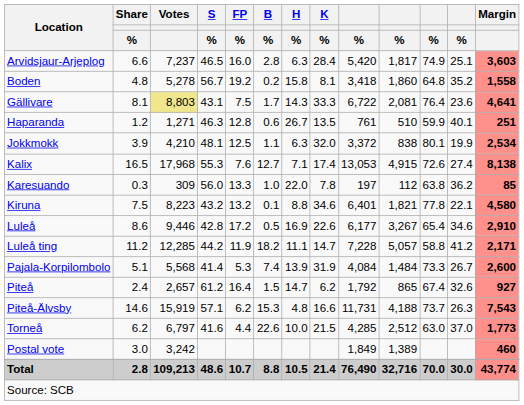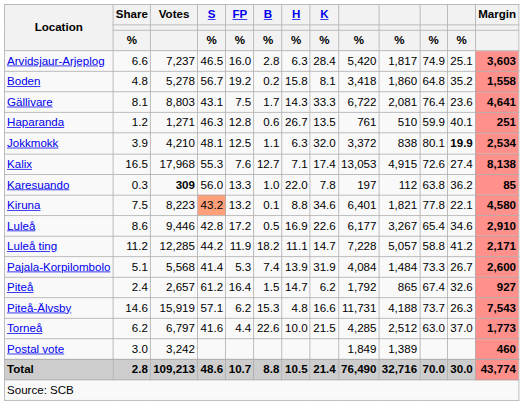 <table class="wikitable sortable" style="text-align:right; font-size:95%; line-height:20px;">
 <tr>
 <th rowspan="3">Location</th>
 <th>Share</th>
 <th>Votes</th>
 <th width="30px" class="unsortable"><a href='#'>S</a></th>
 <th width="30px" class="unsortable"><a href='#'>FP</a></th>
 <th width="30px" class="unsortable"><a href='#'>B</a></th>
 <th width="30px" class="unsortable"><a href='#'>H</a></th>
 <th width="30px" class="unsortable"><a href='#'>K</a></th>
 <th></th>
 <th></th>
 <th></th>
 <th></th>
 <th>Margin</th>
 </tr>
 <tr>
 <th></th>
 <th></th>
 <th style="background:"></th>
 <th style="background:"></th>
 <th style="background:"></th>
 <th style="background:"></th>
 <th style="background:"></th>
 <th style="background:"></th>
 <th style="background:"></th>
 <th style="background:"></th>
 <th style="background:"></th>
 <th></th>
 </tr>
 <tr>
 <th data-sort-type="number">%</th>
 <th></th>
 <th data-sort-type="number">%</th>
 <th data-sort-type="number">%</th>
 <th data-sort-type="number">%</th>
 <th data-sort-type="number">%</th>
 <th data-sort-type="number">%</th>
 <th data-sort-type="number">%</th>
 <th data-sort-type="number">%</th>
 <th data-sort-type="number">%</th>
 <th data-sort-type="number">%</th>
 <th data-sort-type="number"></th>
 </tr>
 <tr>
 <td align=left><a href='#'>Arvidsjaur-Arjeplog</a></td>
 <td>6.6</td>
 <td>7,237</td>
 <td>46.5</td>
 <td>16.0</td>
 <td>2.8</td>
 <td>6.3</td>
 <td>28.4</td>
 <td>5,420</td>
 <td>1,817</td>
 <td>74.9</td>
 <td>25.1</td>
 <td bgcolor=#ff908c><strong>3,603</strong></td>
 </tr>
 <tr>
 <td align=left><a href='#'>Boden</a></td>
 <td>4.8</td>
 <td>5,278</td>
 <td>56.7</td>
 <td>19.2</td>
 <td>0.2</td>
 <td>15.8</td>
 <td>8.1</td>
 <td>3,418</td>
 <td>1,860</td>
 <td>64.8</td>
 <td>35.2</td>
 <td bgcolor=#ff908c><strong>1,558</strong></td>
 </tr>
 <tr>
 <td align=left><a href='#'>Gällivare</a></td>
 <td>8.1</td>
-<td style="background: khaki;">8,803</td>
+<td>8,803</td>
 <td>43.1</td>
 <td>7.5</td>
 <td>1.7</td>
 <td>14.3</td>
 <td>33.3</td>
 <td>6,722</td>
 <td>2,081</td>
 <td>76.4</td>
 <td>23.6</td>
 <td bgcolor=#ff908c><strong>4,641</strong></td>
 </tr>
 <tr>
 <td align=left><a href='#'>Haparanda</a></td>
 <td>1.2</td>
 <td>1,271</td>
 <td>46.3</td>
 <td>12.8</td>
 <td>0.6</td>
 <td>26.7</td>
 <td>13.5</td>
 <td>761</td>
 <td>510</td>
 <td>59.9</td>
 <td>40.1</td>
 <td bgcolor=#ff908c><strong>251</strong></td>
 </tr>
 <tr>
 <td align=left><a href='#'>Jokkmokk</a></td>
 <td>3.9</td>
 <td>4,210</td>
 <td>48.1</td>
 <td>12.5</td>
 <td>1.1</td>
 <td>6.3</td>
 <td>32.0</td>
 <td>3,372</td>
 <td>838</td>
 <td>80.1</td>
-<td>19.9</td>
+<td><strong>19.9</strong></td>
 <td bgcolor=#ff908c><strong>2,534</strong></td>
 </tr>
 <tr>
 <td align=left><a href='#'>Kalix</a></td>
 <td>16.5</td>
 <td>17,968</td>
 <td>55.3</td>
 <td>7.6</td>
 <td>12.7</td>
 <td>7.1</td>
 <td>17.4</td>
 <td>13,053</td>
 <td>4,915</td>
 <td>72.6</td>
 <td>27.4</td>
 <td bgcolor=#ff908c><strong>8,138</strong></td>
 </tr>
 <tr>
 <td align=left><a href='#'>Karesuando</a></td>
 <td>0.3</td>
-<td>309</td>
+<td><strong>309</strong></td>
 <td>56.0</td>
 <td>13.3</td>
 <td>1.0</td>
 <td>22.0</td>
 <td>7.8</td>
 <td>197</td>
 <td>112</td>
 <td>63.8</td>
 <td>36.2</td>
 <td bgcolor=#ff908c><strong>85</strong></td>
 </tr>
 <tr>
 <td align=left><a href='#'>Kiruna</a></td>
 <td>7.5</td>
 <td>8,223</td>
-<td>43.2</td>
+<td style="background: lightsalmon;">43.2</td>
 <td>13.2</td>
 <td>0.1</td>
 <td>8.8</td>
 <td>34.6</td>
 <td>6,401</td>
 <td>1,821</td>
 <td>77.8</td>
 <td>22.1</td>
 <td bgcolor=#ff908c><strong>4,580</strong></td>
 </tr>
 <tr>
 <td align=left><a href='#'>Luleå</a></td>
 <td>8.6</td>
 <td>9,446</td>
 <td>42.8</td>
 <td>17.2</td>
 <td>0.5</td>
 <td>16.9</td>
 <td>22.6</td>
 <td>6,177</td>
 <td>3,267</td>
 <td>65.4</td>
 <td>34.6</td>
 <td bgcolor=#ff908c><strong>2,910</strong></td>
 </tr>
 <tr>
 <td align=left><a href='#'>Luleå ting</a></td>
 <td>11.2</td>
 <td>12,285</td>
 <td>44.2</td>
 <td>11.9</td>
 <td>18.2</td>
 <td>11.1</td>
 <td>14.7</td>
 <td>7,228</td>
 <td>5,057</td>
 <td>58.8</td>
 <td>41.2</td>
 <td bgcolor=#ff908c><strong>2,171</strong></td>
 </tr>
 <tr>
 <td align=left><a href='#'>Pajala-Korpilombolo</a></td>
 <td>5.1</td>
 <td>5,568</td>
 <td>41.4</td>
 <td>5.3</td>
 <td>7.4</td>
 <td>13.9</td>
 <td>31.9</td>
 <td>4,084</td>
 <td>1,484</td>
 <td>73.3</td>
 <td>26.7</td>
 <td bgcolor=#ff908c><strong>2,600</strong></td>
 </tr>
 <tr>
 <td align=left><a href='#'>Piteå</a></td>
 <td>2.4</td>
 <td>2,657</td>
 <td>61.2</td>
 <td>16.4</td>
 <td>1.5</td>
 <td>14.7</td>
 <td>6.2</td>
 <td>1,792</td>
 <td>865</td>
 <td>67.4</td>
 <td>32.6</td>
 <td bgcolor=#ff908c><strong>927</strong></td>
 </tr>
 <tr>
 <td align=left><a href='#'>Piteå-Älvsby</a></td>
 <td>14.6</td>
 <td>15,919</td>
 <td>57.1</td>
 <td>6.2</td>
 <td>15.3</td>
 <td>4.8</td>
 <td>16.6</td>
 <td>11,731</td>
 <td>4,188</td>
 <td>73.7</td>
 <td>26.3</td>
 <td bgcolor=#ff908c><strong>7,543</strong></td>
 </tr>
 <tr>
 <td align=left><a href='#'>Torneå</a></td>
 <td>6.2</td>
 <td>6,797</td>
 <td>41.6</td>
 <td>4.4</td>
 <td>22.6</td>
 <td>10.0</td>
 <td>21.5</td>
 <td>4,285</td>
 <td>2,512</td>
 <td>63.0</td>
 <td>37.0</td>
 <td bgcolor=#ff908c><strong>1,773</strong></td>
 </tr>
 <tr>
 <td align=left><a href='#'>Postal vote</a></td>
 <td>3.0</td>
 <td>3,242</td>
 <td></td>
 <td></td>
 <td></td>
 <td></td>
 <td></td>
 <td>1,849</td>
 <td>1,389</td>
 <td></td>
 <td></td>
 <td bgcolor=#ff908c><strong>460</strong></td>
 </tr>
 <tr>
 </tr>
 <tr style="background:#CDCDCD;">
 <td align=left><strong>Total</strong></td>
 <td><strong>2.8</strong></td>
 <td><strong>109,213</strong></td>
 <td><strong>48.6</strong></td>
 <td><strong>10.7</strong></td>
 <td><strong>8.8</strong></td>
 <td><strong>10.5</strong></td>
 <td><strong>21.4</strong></td>
 <td><strong>76,490</strong></td>
 <td><strong>32,716</strong></td>
 <td><strong>70.0</strong></td>
 <td><strong>30.0</strong></td>
 <td bgcolor=#ff908c><strong>43,774</strong></td>
 </tr>
 <tr>
 <td align=left colspan=13>Source: SCB </td>
 </tr>
 </table>
